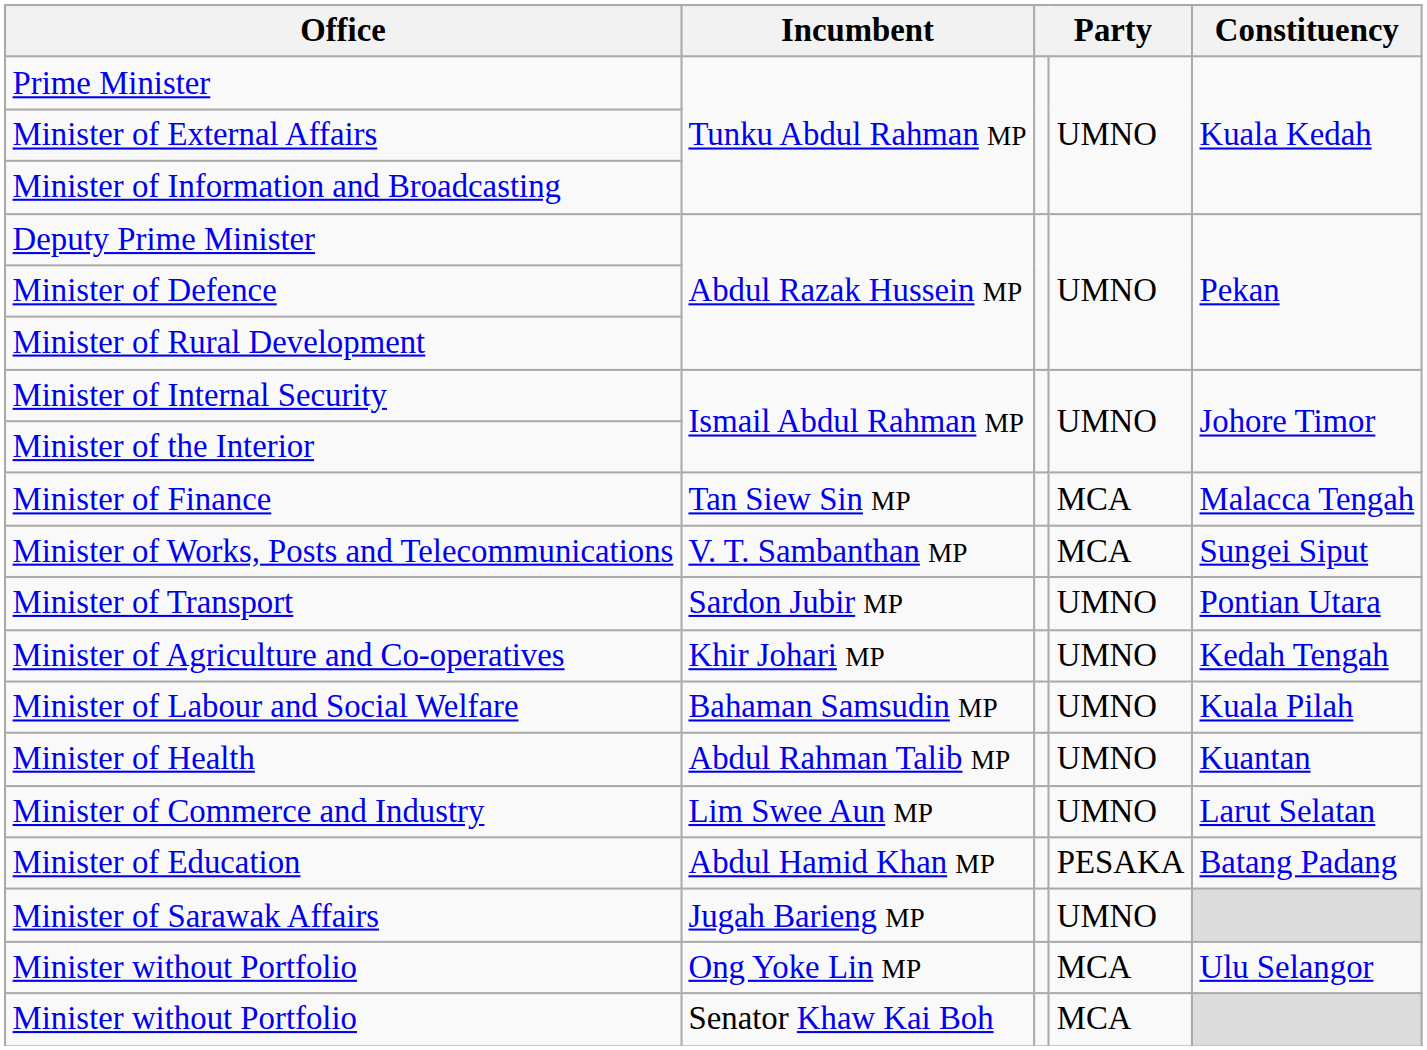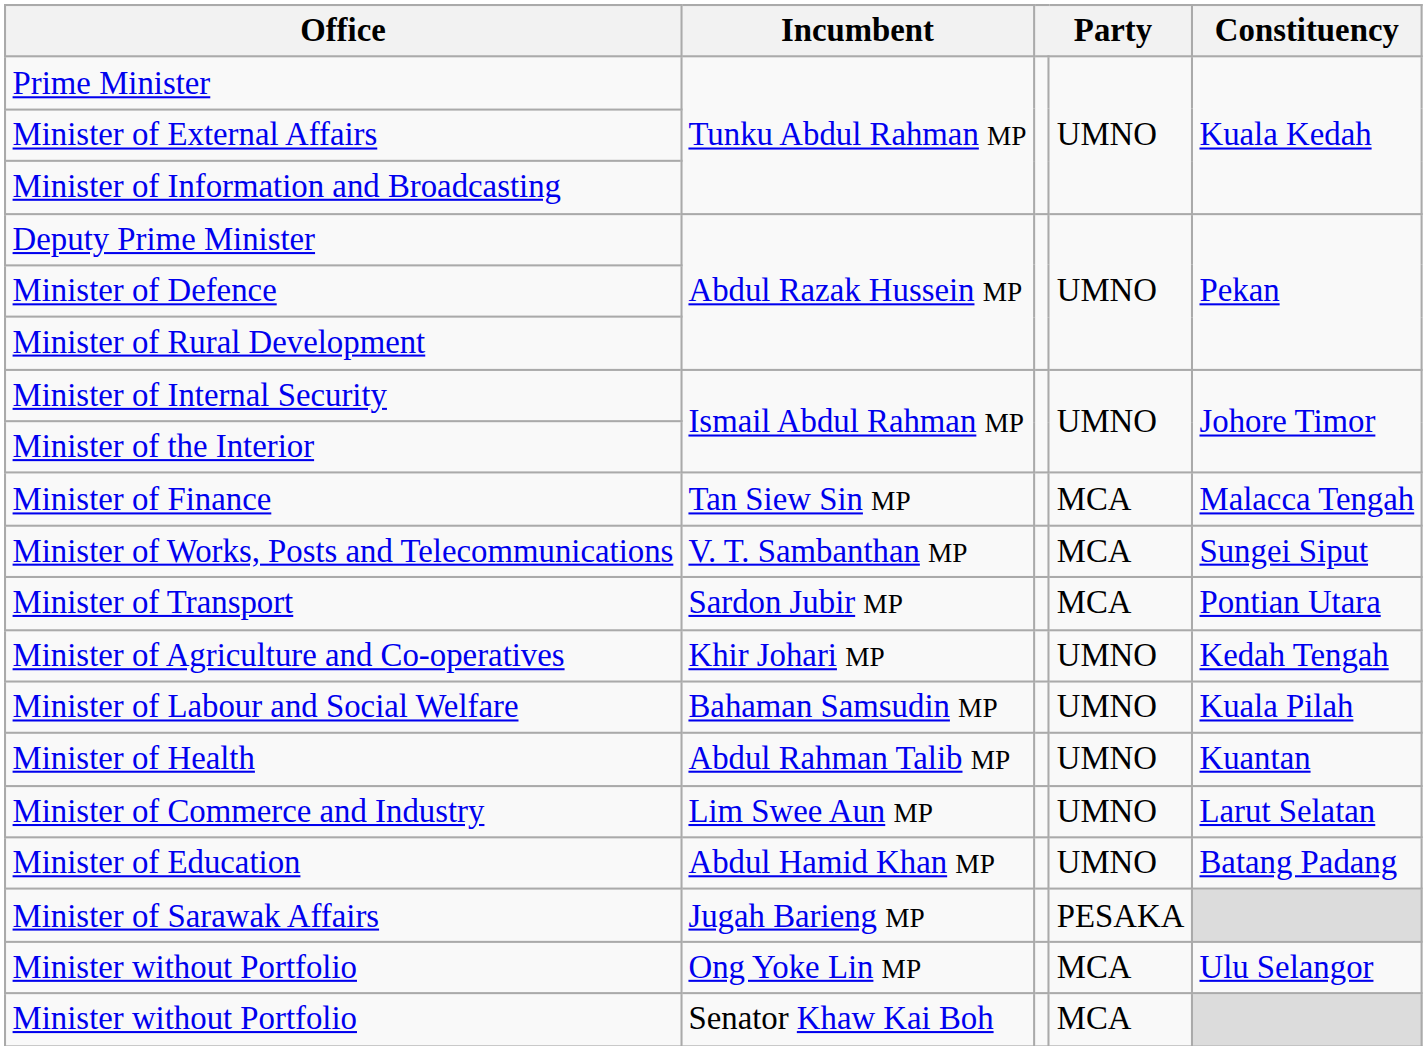 <table class="sortable wikitable">
 <tr>
 <th>Office</th>
 <th>Incumbent</th>
 <th colspan=2>Party</th>
 <th>Constituency</th>
 </tr>
 <tr>
 <td><a href='#'>Prime Minister</a></td>
 <td rowspan=3><a href='#'>Tunku Abdul Rahman</a> <small>MP</small></td>
 <td rowspan=3></td>
 <td rowspan=3>UMNO</td>
 <td rowspan=3><a href='#'>Kuala Kedah</a></td>
 </tr>
 <tr>
 <td><a href='#'>Minister of External Affairs</a></td>
 </tr>
 <tr>
 <td><a href='#'>Minister of Information and Broadcasting</a></td>
 </tr>
 <tr>
 <td><a href='#'>Deputy Prime Minister</a></td>
 <td rowspan=3><a href='#'>Abdul Razak Hussein</a> <small>MP</small></td>
 <td rowspan=3></td>
 <td rowspan=3>UMNO</td>
 <td rowspan=3><a href='#'>Pekan</a></td>
 </tr>
 <tr>
 <td><a href='#'>Minister of Defence</a></td>
 </tr>
 <tr>
 <td><a href='#'>Minister of Rural Development</a></td>
 </tr>
 <tr>
 <td><a href='#'>Minister of Internal Security</a></td>
 <td rowspan=2><a href='#'>Ismail Abdul Rahman</a> <small>MP</small></td>
 <td rowspan=2></td>
 <td rowspan=2>UMNO</td>
 <td rowspan=2><a href='#'>Johore Timor</a></td>
 </tr>
 <tr>
 <td><a href='#'>Minister of the Interior</a></td>
 </tr>
 <tr>
 <td><a href='#'>Minister of Finance</a></td>
 <td><a href='#'>Tan Siew Sin</a> <small>MP</small></td>
 <td rowspan=1></td>
 <td>MCA</td>
 <td><a href='#'>Malacca Tengah</a></td>
 </tr>
 <tr>
 <td><a href='#'>Minister of Works, Posts and Telecommunications</a></td>
 <td><a href='#'>V. T. Sambanthan</a> <small>MP</small></td>
 <td rowspan=1></td>
 <td>MCA</td>
 <td><a href='#'>Sungei Siput</a></td>
 </tr>
 <tr>
 <td><a href='#'>Minister of Transport</a></td>
 <td><a href='#'>Sardon Jubir</a> <small>MP</small></td>
 <td rowspan=1></td>
-<td>UMNO</td>
+<td>MCA</td>
 <td><a href='#'>Pontian Utara</a></td>
 </tr>
 <tr>
 <td><a href='#'>Minister of Agriculture and Co-operatives</a></td>
 <td><a href='#'>Khir Johari</a> <small>MP</small></td>
 <td rowspan=1></td>
 <td>UMNO</td>
 <td><a href='#'>Kedah Tengah</a></td>
 </tr>
 <tr>
 <td><a href='#'>Minister of Labour and Social Welfare</a></td>
 <td><a href='#'>Bahaman Samsudin</a> <small>MP</small></td>
 <td rowspan=1></td>
 <td>UMNO</td>
 <td><a href='#'>Kuala Pilah</a></td>
 </tr>
 <tr>
 <td><a href='#'>Minister of Health</a></td>
 <td><a href='#'>Abdul Rahman Talib</a> <small>MP</small></td>
 <td rowspan=1></td>
 <td>UMNO</td>
 <td><a href='#'>Kuantan</a></td>
 </tr>
 <tr>
 <td><a href='#'>Minister of Commerce and Industry</a></td>
 <td><a href='#'>Lim Swee Aun</a> <small>MP</small></td>
 <td rowspan=1></td>
 <td>UMNO</td>
 <td><a href='#'>Larut Selatan</a></td>
 </tr>
 <tr>
 <td><a href='#'>Minister of Education</a></td>
 <td><a href='#'>Abdul Hamid Khan</a> <small>MP</small></td>
 <td rowspan=1></td>
-<td>PESAKA</td>
+<td>UMNO</td>
 <td><a href='#'>Batang Padang</a></td>
 </tr>
 <tr>
 <td><a href='#'>Minister of Sarawak Affairs</a></td>
 <td><a href='#'>Jugah Barieng</a> <small>MP</small></td>
 <td rowspan=1></td>
-<td>UMNO</td>
+<td>PESAKA</td>
 <td bgcolor=dcdcdc></td>
 </tr>
 <tr>
 <td><a href='#'>Minister without Portfolio</a></td>
 <td><a href='#'>Ong Yoke Lin</a> <small>MP</small></td>
 <td rowspan=1></td>
 <td>MCA</td>
 <td><a href='#'>Ulu Selangor</a></td>
 </tr>
 <tr>
 <td><a href='#'>Minister without Portfolio</a></td>
 <td>Senator <a href='#'>Khaw Kai Boh</a></td>
 <td rowspan=1></td>
 <td>MCA</td>
 <td bgcolor=dcdcdc></td>
 </tr>
 </table>
